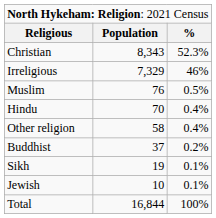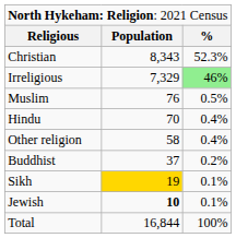 <table class="wikitable">
 <tr>
 <td colspan="14" style="text-align:right;"><strong>North Hykeham: Religion</strong>: 2021 Census</td>
 </tr>
 <tr>
 <th>Religious</th>
 <th>Population</th>
 <th>%</th>
 </tr>
 <tr>
 <td>Christian</td>
 <td style="text-align:right;">8,343</td>
 <td style="text-align:right;">52.3%</td>
 </tr>
 <tr>
 <td>Irreligious</td>
 <td style="text-align:right;">7,329</td>
-<td style="text-align:right;">46%</td>
+<td style="background: lightgreen; text-align:right;">46%</td>
 </tr>
 <tr>
 <td>Muslim</td>
 <td style="text-align:right;">76</td>
 <td style="text-align:right;">0.5%</td>
 </tr>
 <tr>
 <td>Hindu</td>
 <td style="text-align:right;">70</td>
 <td style="text-align:right;">0.4%</td>
 </tr>
 <tr>
 <td>Other religion</td>
 <td style="text-align:right;">58</td>
 <td style="text-align:right;">0.4%</td>
 </tr>
 <tr>
 <td>Buddhist</td>
 <td style="text-align:right;">37</td>
 <td style="text-align:right;">0.2%</td>
 </tr>
 <tr>
 <td>Sikh</td>
-<td style="text-align:right;">19</td>
+<td style="background: gold; text-align:right;">19</td>
 <td style="text-align:right;">0.1%</td>
 </tr>
 <tr>
 <td>Jewish</td>
-<td style="text-align:right;">10</td>
+<td style="text-align:right;"><strong>10</strong></td>
 <td style="text-align:right;">0.1%</td>
 </tr>
 <tr>
 <td>Total</td>
 <td style="text-align:right;">16,844</td>
 <td style="text-align:right;">100%</td>
 </tr>
 </table>
